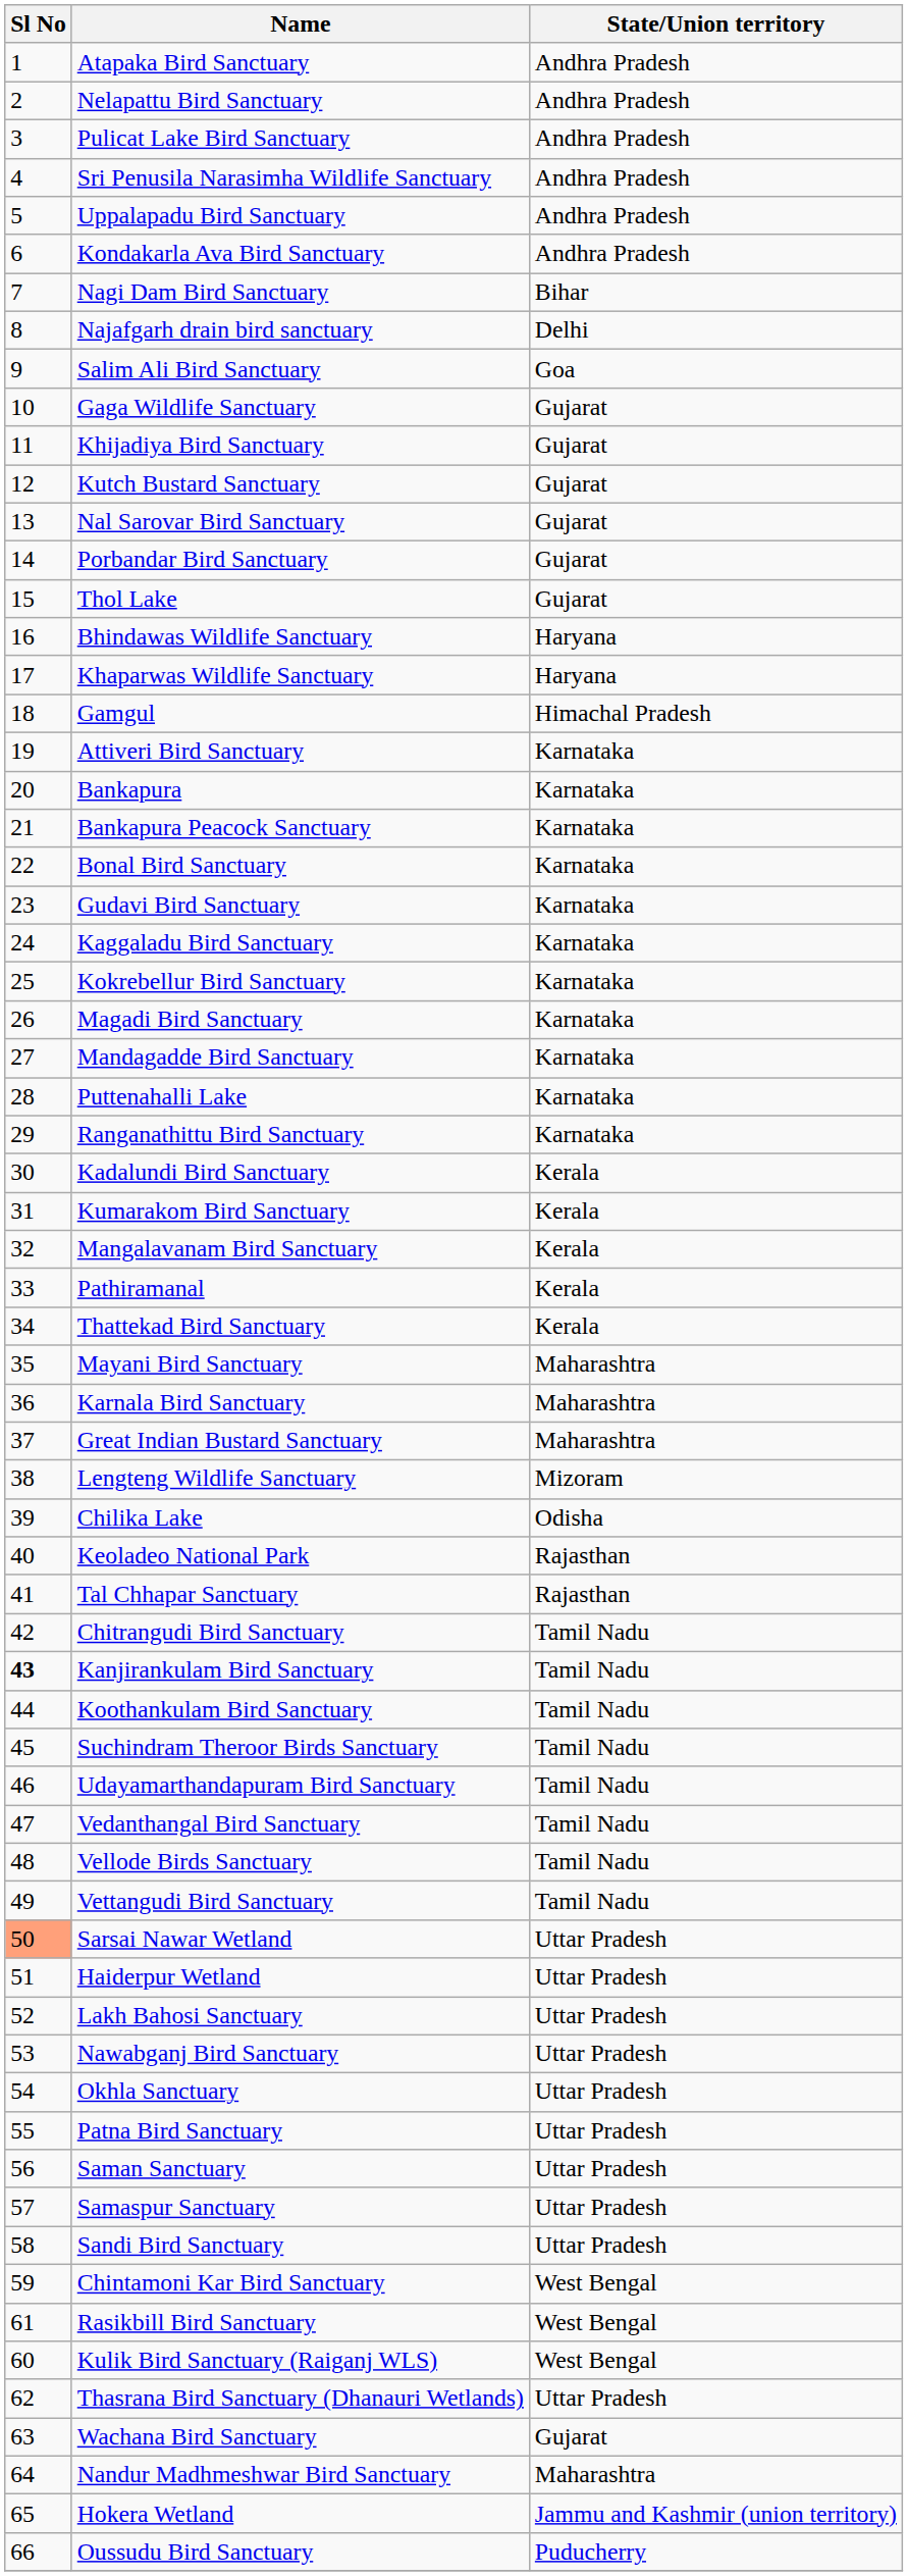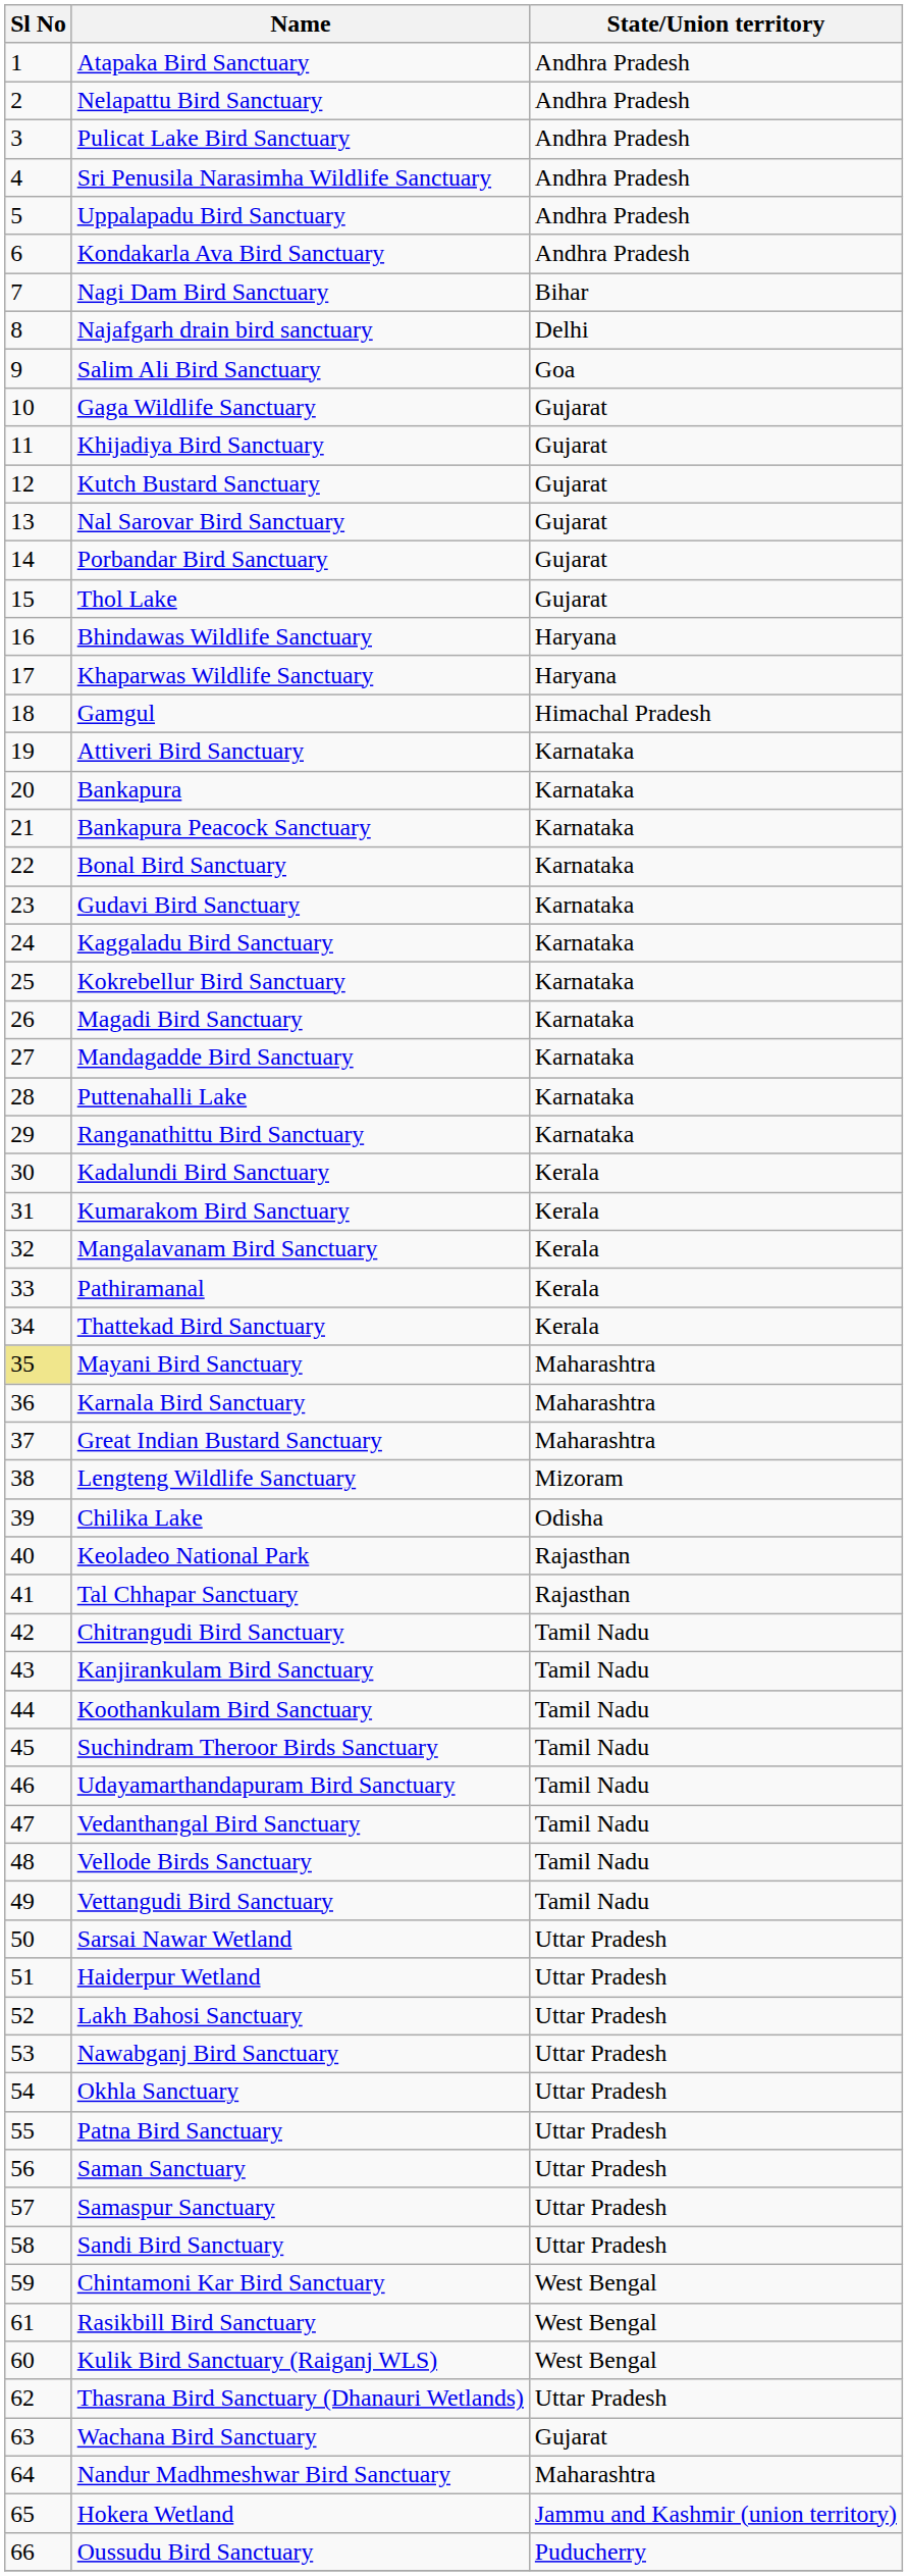 <table class="wikitable sortable">
 <tr>
 <th>Sl No</th>
 <th>Name</th>
 <th>State/Union territory</th>
 </tr>
 <tr>
 <td>1</td>
 <td><a href='#'>Atapaka Bird Sanctuary</a></td>
 <td>Andhra Pradesh</td>
 </tr>
 <tr>
 <td>2</td>
 <td><a href='#'>Nelapattu Bird Sanctuary</a></td>
 <td>Andhra Pradesh</td>
 </tr>
 <tr>
 <td>3</td>
 <td><a href='#'>Pulicat Lake Bird Sanctuary</a></td>
 <td>Andhra Pradesh</td>
 </tr>
 <tr>
 <td>4</td>
 <td><a href='#'>Sri Penusila Narasimha Wildlife Sanctuary</a></td>
 <td>Andhra Pradesh</td>
 </tr>
 <tr>
 <td>5</td>
 <td><a href='#'>Uppalapadu Bird Sanctuary</a></td>
 <td>Andhra Pradesh</td>
 </tr>
 <tr>
 <td>6</td>
 <td><a href='#'>Kondakarla Ava Bird Sanctuary</a></td>
 <td>Andhra Pradesh</td>
 </tr>
 <tr>
 <td>7</td>
 <td><a href='#'>Nagi Dam Bird Sanctuary</a></td>
 <td>Bihar</td>
 </tr>
 <tr>
 <td>8</td>
 <td><a href='#'>Najafgarh drain bird sanctuary</a></td>
 <td>Delhi</td>
 </tr>
 <tr>
 <td>9</td>
 <td><a href='#'>Salim Ali Bird Sanctuary</a></td>
 <td>Goa</td>
 </tr>
 <tr>
 <td>10</td>
 <td><a href='#'>Gaga Wildlife Sanctuary</a></td>
 <td>Gujarat</td>
 </tr>
 <tr>
 <td>11</td>
 <td><a href='#'>Khijadiya Bird Sanctuary</a></td>
 <td>Gujarat</td>
 </tr>
 <tr>
 <td>12</td>
 <td><a href='#'>Kutch Bustard Sanctuary</a></td>
 <td>Gujarat</td>
 </tr>
 <tr>
 <td>13</td>
 <td><a href='#'>Nal Sarovar Bird Sanctuary</a></td>
 <td>Gujarat</td>
 </tr>
 <tr>
 <td>14</td>
 <td><a href='#'>Porbandar Bird Sanctuary</a></td>
 <td>Gujarat</td>
 </tr>
 <tr>
 <td>15</td>
 <td><a href='#'>Thol Lake</a></td>
 <td>Gujarat</td>
 </tr>
 <tr>
 <td>16</td>
 <td><a href='#'>Bhindawas Wildlife Sanctuary</a></td>
 <td>Haryana</td>
 </tr>
 <tr>
 <td>17</td>
 <td><a href='#'>Khaparwas Wildlife Sanctuary</a></td>
 <td>Haryana</td>
 </tr>
 <tr>
 <td>18</td>
 <td><a href='#'>Gamgul</a></td>
 <td>Himachal Pradesh</td>
 </tr>
 <tr>
 <td>19</td>
 <td><a href='#'>Attiveri Bird Sanctuary</a></td>
 <td>Karnataka</td>
 </tr>
 <tr>
 <td>20</td>
 <td><a href='#'>Bankapura</a></td>
 <td>Karnataka</td>
 </tr>
 <tr>
 <td>21</td>
 <td><a href='#'>Bankapura Peacock Sanctuary</a></td>
 <td>Karnataka</td>
 </tr>
 <tr>
 <td>22</td>
 <td><a href='#'>Bonal Bird Sanctuary</a></td>
 <td>Karnataka</td>
 </tr>
 <tr>
 <td>23</td>
 <td><a href='#'>Gudavi Bird Sanctuary</a></td>
 <td>Karnataka</td>
 </tr>
 <tr>
 <td>24</td>
 <td><a href='#'>Kaggaladu Bird Sanctuary</a></td>
 <td>Karnataka</td>
 </tr>
 <tr>
 <td>25</td>
 <td><a href='#'>Kokrebellur Bird Sanctuary</a></td>
 <td>Karnataka</td>
 </tr>
 <tr>
 <td>26</td>
 <td><a href='#'>Magadi Bird Sanctuary</a></td>
 <td>Karnataka</td>
 </tr>
 <tr>
 <td>27</td>
 <td><a href='#'>Mandagadde Bird Sanctuary</a></td>
 <td>Karnataka</td>
 </tr>
 <tr>
 <td>28</td>
 <td><a href='#'>Puttenahalli Lake</a></td>
 <td>Karnataka</td>
 </tr>
 <tr>
 <td>29</td>
 <td><a href='#'>Ranganathittu Bird Sanctuary</a></td>
 <td>Karnataka</td>
 </tr>
 <tr>
 <td>30</td>
 <td><a href='#'>Kadalundi Bird Sanctuary</a></td>
 <td>Kerala</td>
 </tr>
 <tr>
 <td>31</td>
 <td><a href='#'>Kumarakom Bird Sanctuary</a></td>
 <td>Kerala</td>
 </tr>
 <tr>
 <td>32</td>
 <td><a href='#'>Mangalavanam Bird Sanctuary</a></td>
 <td>Kerala</td>
 </tr>
 <tr>
 <td>33</td>
 <td><a href='#'>Pathiramanal</a></td>
 <td>Kerala</td>
 </tr>
 <tr>
 <td>34</td>
 <td><a href='#'>Thattekad Bird Sanctuary</a></td>
 <td>Kerala</td>
 </tr>
 <tr>
-<td>35</td>
+<td style="background: khaki;">35</td>
 <td><a href='#'>Mayani Bird Sanctuary</a></td>
 <td>Maharashtra</td>
 </tr>
 <tr>
 <td>36</td>
 <td><a href='#'>Karnala Bird Sanctuary</a></td>
 <td>Maharashtra</td>
 </tr>
 <tr>
 <td>37</td>
 <td><a href='#'>Great Indian Bustard Sanctuary</a></td>
 <td>Maharashtra</td>
 </tr>
 <tr>
 <td>38</td>
 <td><a href='#'>Lengteng Wildlife Sanctuary</a></td>
 <td>Mizoram</td>
 </tr>
 <tr>
 <td>39</td>
 <td><a href='#'>Chilika Lake</a></td>
 <td>Odisha</td>
 </tr>
 <tr>
 <td>40</td>
 <td><a href='#'>Keoladeo National Park</a></td>
 <td>Rajasthan</td>
 </tr>
 <tr>
 <td>41</td>
 <td><a href='#'>Tal Chhapar Sanctuary</a></td>
 <td>Rajasthan</td>
 </tr>
 <tr>
 <td>42</td>
 <td><a href='#'>Chitrangudi Bird Sanctuary</a></td>
 <td>Tamil Nadu</td>
 </tr>
 <tr>
-<td><strong>43</strong></td>
+<td>43</td>
 <td><a href='#'>Kanjirankulam Bird Sanctuary</a></td>
 <td>Tamil Nadu</td>
 </tr>
 <tr>
 <td>44</td>
 <td><a href='#'>Koothankulam Bird Sanctuary</a></td>
 <td>Tamil Nadu</td>
 </tr>
 <tr>
 <td>45</td>
 <td><a href='#'>Suchindram Theroor Birds Sanctuary</a></td>
 <td>Tamil Nadu</td>
 </tr>
 <tr>
 <td>46</td>
 <td><a href='#'>Udayamarthandapuram Bird Sanctuary</a></td>
 <td>Tamil Nadu</td>
 </tr>
 <tr>
 <td>47</td>
 <td><a href='#'>Vedanthangal Bird Sanctuary</a></td>
 <td>Tamil Nadu</td>
 </tr>
 <tr>
 <td>48</td>
 <td><a href='#'>Vellode Birds Sanctuary</a></td>
 <td>Tamil Nadu</td>
 </tr>
 <tr>
 <td>49</td>
 <td><a href='#'>Vettangudi Bird Sanctuary</a></td>
 <td>Tamil Nadu</td>
 </tr>
 <tr>
-<td style="background: lightsalmon;">50</td>
+<td>50</td>
 <td><a href='#'>Sarsai Nawar Wetland</a></td>
 <td>Uttar Pradesh</td>
 </tr>
 <tr>
 <td>51</td>
 <td><a href='#'>Haiderpur Wetland</a></td>
 <td>Uttar Pradesh</td>
 </tr>
 <tr>
 <td>52</td>
 <td><a href='#'>Lakh Bahosi Sanctuary</a></td>
 <td>Uttar Pradesh</td>
 </tr>
 <tr>
 <td>53</td>
 <td><a href='#'>Nawabganj Bird Sanctuary</a></td>
 <td>Uttar Pradesh</td>
 </tr>
 <tr>
 <td>54</td>
 <td><a href='#'>Okhla Sanctuary</a></td>
 <td>Uttar Pradesh</td>
 </tr>
 <tr>
 <td>55</td>
 <td><a href='#'>Patna Bird Sanctuary</a></td>
 <td>Uttar Pradesh</td>
 </tr>
 <tr>
 <td>56</td>
 <td><a href='#'>Saman Sanctuary</a></td>
 <td>Uttar Pradesh</td>
 </tr>
 <tr>
 <td>57</td>
 <td><a href='#'>Samaspur Sanctuary</a></td>
 <td>Uttar Pradesh</td>
 </tr>
 <tr>
 <td>58</td>
 <td><a href='#'>Sandi Bird Sanctuary</a></td>
 <td>Uttar Pradesh</td>
 </tr>
 <tr>
 <td>59</td>
 <td><a href='#'>Chintamoni Kar Bird Sanctuary</a></td>
 <td>West Bengal</td>
 </tr>
 <tr>
 <td>61</td>
 <td><a href='#'>Rasikbill Bird Sanctuary</a></td>
 <td>West Bengal</td>
 </tr>
 <tr>
 <td>60</td>
 <td><a href='#'>Kulik Bird Sanctuary (Raiganj WLS)</a></td>
 <td>West Bengal</td>
 </tr>
 <tr>
 <td>62</td>
 <td><a href='#'>Thasrana Bird Sanctuary (Dhanauri Wetlands)</a></td>
 <td>Uttar Pradesh</td>
 </tr>
 <tr>
 <td>63</td>
 <td><a href='#'>Wachana Bird Sanctuary</a></td>
 <td>Gujarat</td>
 </tr>
 <tr>
 <td>64</td>
 <td><a href='#'>Nandur Madhmeshwar Bird Sanctuary</a></td>
 <td>Maharashtra</td>
 </tr>
 <tr>
 <td>65</td>
 <td><a href='#'>Hokera Wetland</a></td>
 <td><a href='#'>Jammu and Kashmir (union territory)</a></td>
 </tr>
 <tr>
 <td>66</td>
 <td><a href='#'>Oussudu Bird Sanctuary</a></td>
 <td><a href='#'>Puducherry</a></td>
 </tr>
 <tr>
 </tr>
 </table>
